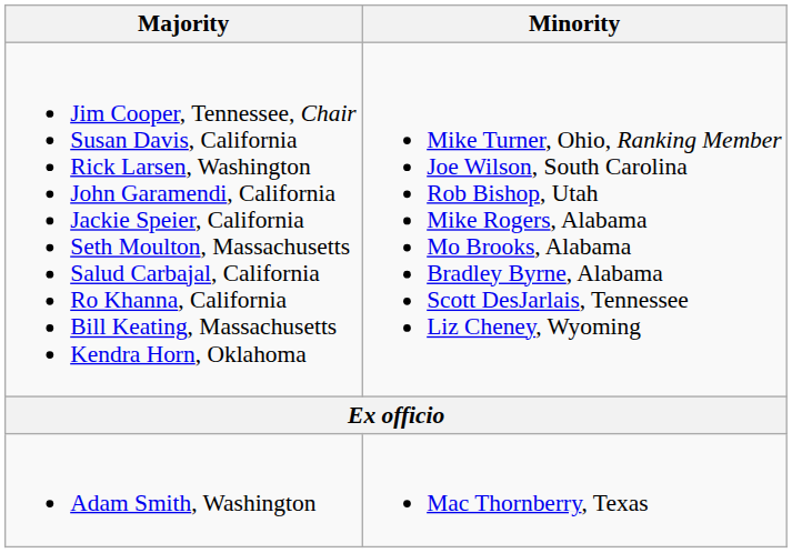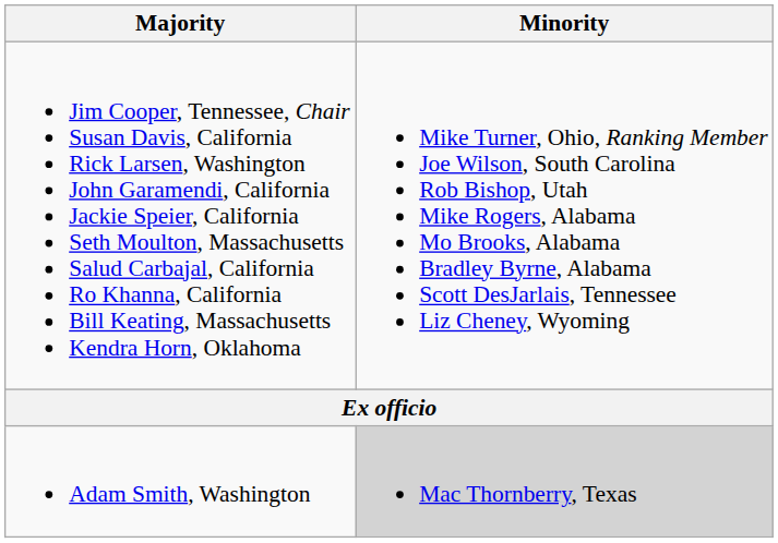 <table class=wikitable>
 <tr>
 <th>Majority</th>
 <th>Minority</th>
 </tr>
 <tr>
 <td><br><ul><li><a href='#'>Jim Cooper</a>, Tennessee, <em>Chair</em></li><li><a href='#'>Susan Davis</a>, California</li><li><a href='#'>Rick Larsen</a>, Washington</li><li><a href='#'>John Garamendi</a>, California</li><li><a href='#'>Jackie Speier</a>, California</li><li><a href='#'>Seth Moulton</a>, Massachusetts</li><li><a href='#'>Salud Carbajal</a>, California</li><li><a href='#'>Ro Khanna</a>, California</li><li><a href='#'>Bill Keating</a>, Massachusetts</li><li><a href='#'>Kendra Horn</a>, Oklahoma</li></ul></td>
 <td><br><ul><li><a href='#'>Mike Turner</a>, Ohio, <em>Ranking Member</em></li><li><a href='#'>Joe Wilson</a>, South Carolina</li><li><a href='#'>Rob Bishop</a>, Utah</li><li><a href='#'>Mike Rogers</a>, Alabama</li><li><a href='#'>Mo Brooks</a>, Alabama</li><li><a href='#'>Bradley Byrne</a>, Alabama</li><li><a href='#'>Scott DesJarlais</a>, Tennessee</li><li><a href='#'>Liz Cheney</a>, Wyoming</li></ul></td>
 </tr>
 <tr>
 <th colspan=2><em>Ex officio</em></th>
 </tr>
 <tr>
 <td><br><ul><li><a href='#'>Adam Smith</a>, Washington</li></ul></td>
-<td><br><ul><li><a href='#'>Mac Thornberry</a>, Texas</li></ul></td>
+<td style="background: lightgrey;"><br><ul><li><a href='#'>Mac Thornberry</a>, Texas</li></ul></td>
 </tr>
 </table>
